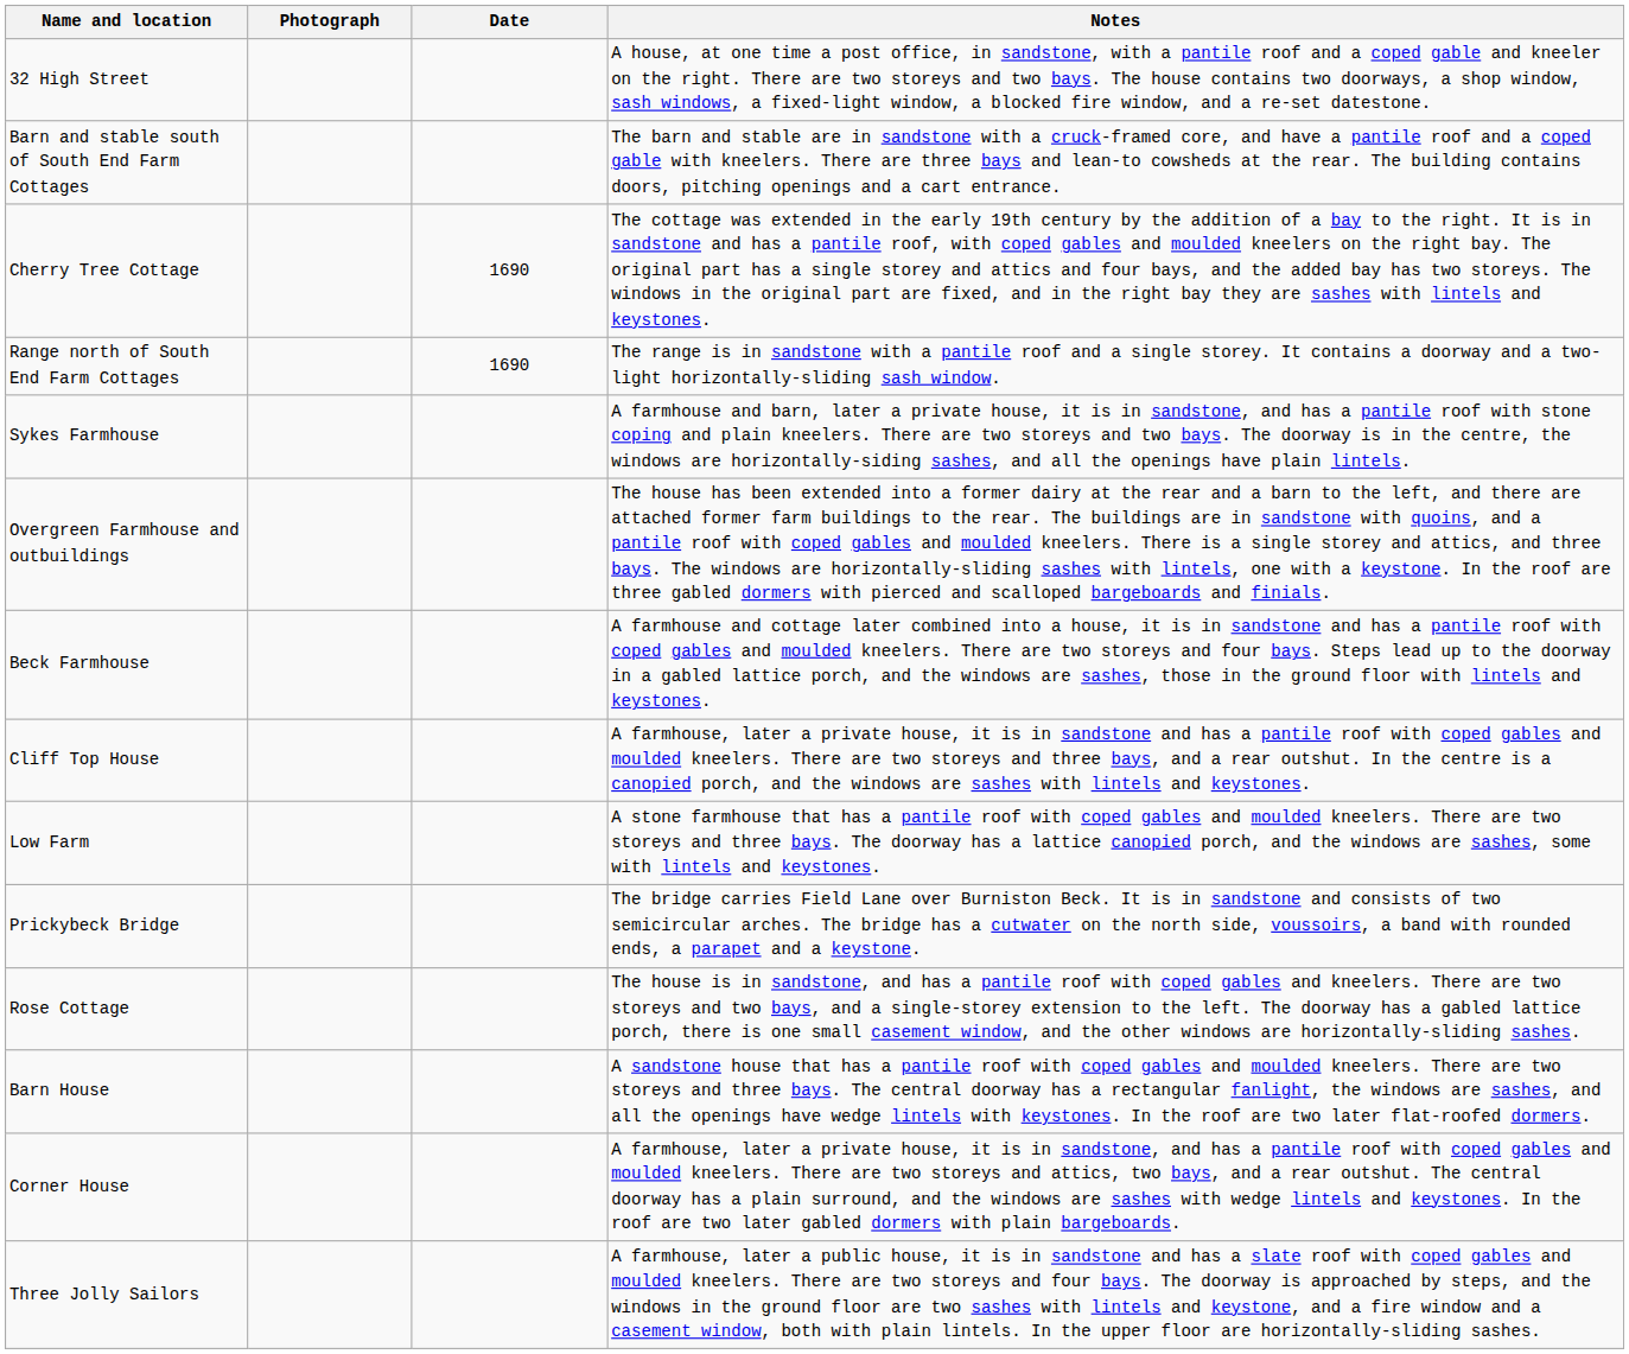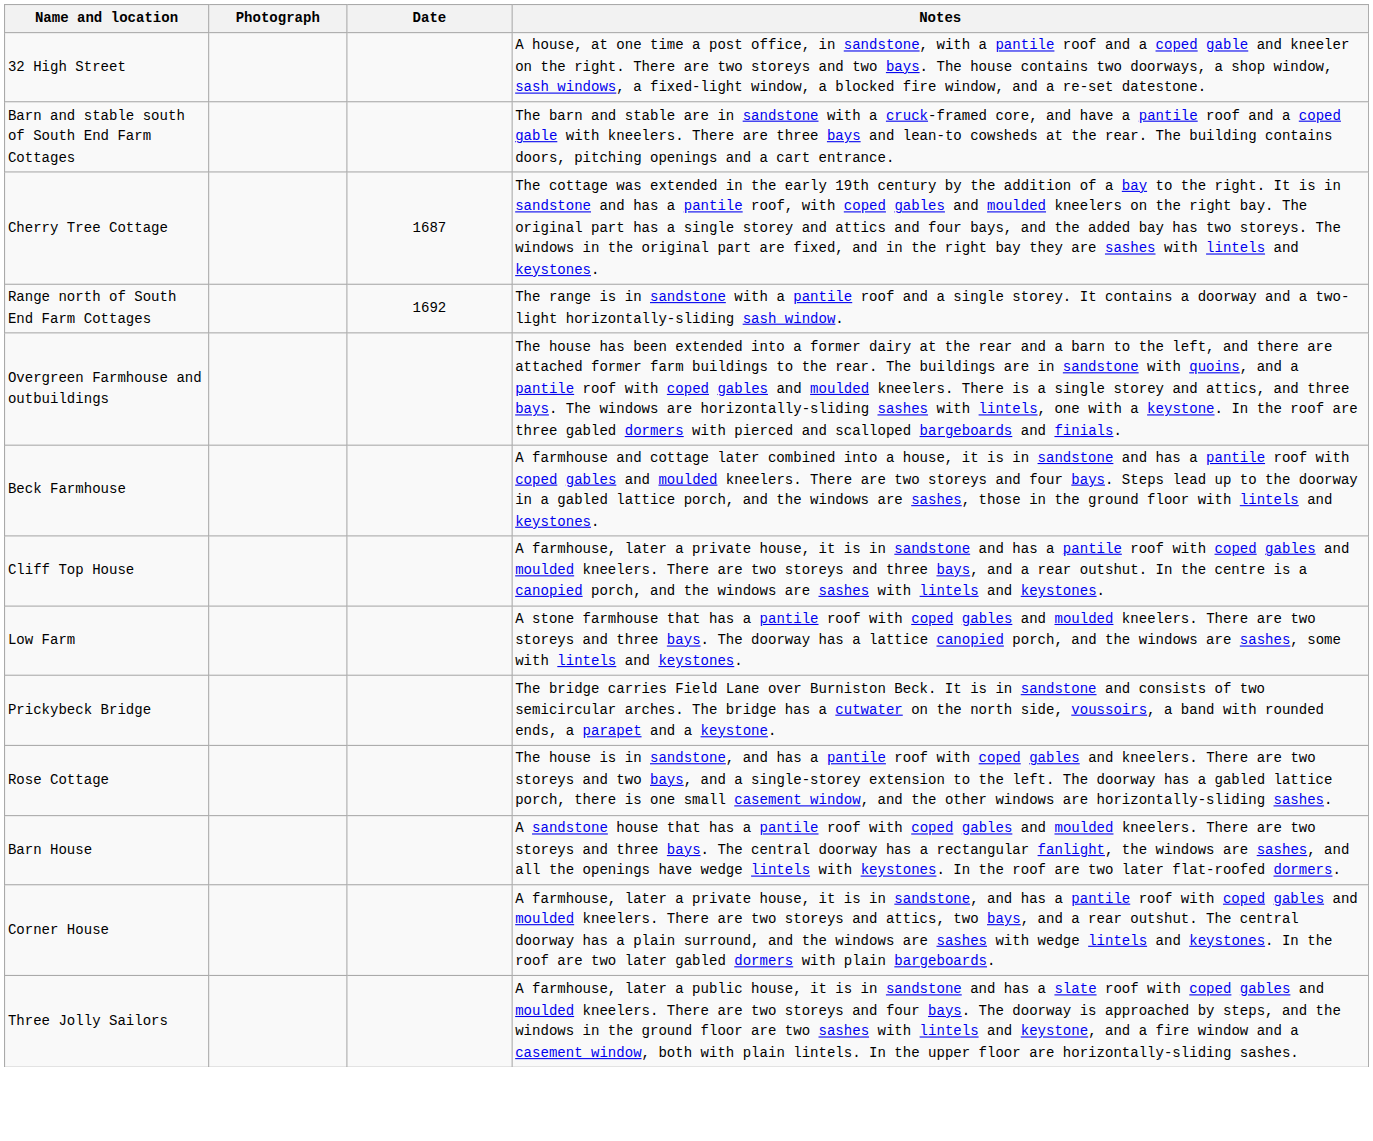 <table class="wikitable sortable plainrowheaders" style="width:100%;border:0px;text-align:left;line-height:150%;">
 <tr>
 <th scope="col"  style="width:150px">Name and location</th>
 <th scope="col"  style="width:100px" class="unsortable">Photograph</th>
 <th scope="col"  style="width:120px">Date</th>
 <th scope="col"  style="width:650px" class="unsortable">Notes</th>
 </tr>
 <tr>
 <td>32 High Street<br><small></small></td>
 <td></td>
 <td align="center"></td>
 <td>A house, at one time a post office, in <a href='#'>sandstone</a>, with a <a href='#'>pantile</a> roof and a <a href='#'>coped</a> <a href='#'>gable</a> and kneeler on the right.  There are two storeys and two <a href='#'>bays</a>.  The house contains two doorways, a shop window, <a href='#'>sash windows</a>, a fixed-light window, a blocked fire window, and a re-set datestone.</td>
 </tr>
 <tr>
 <td>Barn and stable south of South End Farm Cottages<br><small></small></td>
 <td></td>
 <td align="center"></td>
 <td>The barn and stable are in <a href='#'>sandstone</a> with a <a href='#'>cruck</a>-framed core, and have a <a href='#'>pantile</a> roof and a <a href='#'>coped</a> <a href='#'>gable</a> with kneelers.  There are three <a href='#'>bays</a> and lean-to cowsheds at the rear.  The building contains doors, pitching openings and a cart entrance.</td>
 </tr>
 <tr>
 <td>Cherry Tree Cottage<br><small></small></td>
 <td></td>
-<td align="center">1690</td>
+<td align="center">1687</td>
 <td>The cottage was extended in the early 19th century by the addition of a <a href='#'>bay</a> to the right.  It is in <a href='#'>sandstone</a> and has a <a href='#'>pantile</a> roof, with <a href='#'>coped</a> <a href='#'>gables</a> and <a href='#'>moulded</a> kneelers on the right bay.  The original part has a single storey and attics and four bays, and the added bay has two storeys.  The windows in the original part are fixed, and in the right bay they are <a href='#'>sashes</a> with <a href='#'>lintels</a> and <a href='#'>keystones</a>.</td>
 </tr>
 <tr>
 <td>Range north of South End Farm Cottages<br><small></small></td>
 <td></td>
-<td align="center">1690</td>
+<td align="center">1692</td>
 <td>The range is in <a href='#'>sandstone</a> with a <a href='#'>pantile</a> roof and a single storey.  It contains a doorway and a two-light horizontally-sliding <a href='#'>sash window</a>.</td>
-</tr>
-<tr>
-<td>Sykes Farmhouse<br><small></small></td>
-<td></td>
-<td align="center"></td>
-<td>A farmhouse and barn, later a private house, it is in <a href='#'>sandstone</a>, and has a <a href='#'>pantile</a> roof with stone <a href='#'>coping</a> and plain kneelers.  There are two storeys and two <a href='#'>bays</a>.  The doorway is in the centre, the windows are horizontally-siding <a href='#'>sashes</a>, and all the openings have plain <a href='#'>lintels</a>.</td>
 </tr>
 <tr>
 <td>Overgreen Farmhouse and outbuildings<br><small></small></td>
 <td></td>
 <td align="center"></td>
 <td>The house has been extended into a former dairy at the rear and a barn to the left, and there are attached former farm buildings to the rear.  The buildings are in <a href='#'>sandstone</a> with <a href='#'>quoins</a>, and a <a href='#'>pantile</a> roof with <a href='#'>coped</a> <a href='#'>gables</a> and <a href='#'>moulded</a> kneelers.  There is a single storey and attics, and three <a href='#'>bays</a>.  The windows are horizontally-sliding <a href='#'>sashes</a> with <a href='#'>lintels</a>, one with a <a href='#'>keystone</a>.  In the roof are three gabled <a href='#'>dormers</a> with pierced and scalloped <a href='#'>bargeboards</a> and <a href='#'>finials</a>.</td>
 </tr>
 <tr>
 <td>Beck Farmhouse<br><small></small></td>
 <td></td>
 <td align="center"></td>
 <td>A farmhouse and cottage later combined into a house, it is in <a href='#'>sandstone</a> and has a <a href='#'>pantile</a> roof with <a href='#'>coped</a> <a href='#'>gables</a> and <a href='#'>moulded</a> kneelers.  There are two storeys and four <a href='#'>bays</a>.  Steps lead up to the doorway in a gabled lattice porch, and the windows are <a href='#'>sashes</a>, those in the ground floor with <a href='#'>lintels</a> and <a href='#'>keystones</a>.</td>
 </tr>
 <tr>
 <td>Cliff Top House<br><small></small></td>
 <td></td>
 <td align="center"></td>
 <td>A farmhouse, later a private house, it is in <a href='#'>sandstone</a> and has a <a href='#'>pantile</a> roof with <a href='#'>coped</a> <a href='#'>gables</a> and <a href='#'>moulded</a> kneelers.  There are two storeys and three <a href='#'>bays</a>, and a rear outshut.  In the centre is a <a href='#'>canopied</a> porch, and the windows are <a href='#'>sashes</a> with <a href='#'>lintels</a> and <a href='#'>keystones</a>.</td>
 </tr>
 <tr>
 <td>Low Farm<br><small></small></td>
 <td></td>
 <td align="center"></td>
 <td>A stone farmhouse that has a <a href='#'>pantile</a> roof with <a href='#'>coped</a> <a href='#'>gables</a> and <a href='#'>moulded</a> kneelers.  There are two storeys and three <a href='#'>bays</a>.  The doorway has a lattice <a href='#'>canopied</a> porch, and the windows are <a href='#'>sashes</a>, some with <a href='#'>lintels</a> and <a href='#'>keystones</a>.</td>
 </tr>
 <tr>
 <td>Prickybeck Bridge<br><small></small></td>
 <td></td>
 <td align="center"></td>
 <td>The bridge carries Field Lane over Burniston Beck.  It is in <a href='#'>sandstone</a> and consists of two semicircular arches.  The bridge has a <a href='#'>cutwater</a> on the north side, <a href='#'>voussoirs</a>, a band with rounded ends, a <a href='#'>parapet</a> and a <a href='#'>keystone</a>.</td>
 </tr>
 <tr>
 <td>Rose Cottage<br><small></small></td>
 <td></td>
 <td align="center"></td>
 <td>The house is in <a href='#'>sandstone</a>, and has a <a href='#'>pantile</a> roof with <a href='#'>coped</a> <a href='#'>gables</a> and kneelers.  There are two storeys and two <a href='#'>bays</a>, and a single-storey extension to the left.  The doorway has a gabled lattice porch, there is one small <a href='#'>casement window</a>, and the other windows are horizontally-sliding <a href='#'>sashes</a>.</td>
 </tr>
 <tr>
 <td>Barn House<br><small></small></td>
 <td></td>
 <td align="center"></td>
 <td>A <a href='#'>sandstone</a> house that has a <a href='#'>pantile</a> roof with <a href='#'>coped</a> <a href='#'>gables</a> and <a href='#'>moulded</a> kneelers.  There are two storeys and three <a href='#'>bays</a>.  The central doorway has a rectangular <a href='#'>fanlight</a>, the windows are <a href='#'>sashes</a>, and all the openings have wedge <a href='#'>lintels</a> with <a href='#'>keystones</a>.  In the roof are two later flat-roofed <a href='#'>dormers</a>.</td>
 </tr>
 <tr>
 <td>Corner House<br><small></small></td>
 <td></td>
 <td align="center"></td>
 <td>A farmhouse, later a private house, it is in <a href='#'>sandstone</a>, and has a <a href='#'>pantile</a> roof with <a href='#'>coped</a> <a href='#'>gables</a> and <a href='#'>moulded</a> kneelers.  There are two storeys and attics, two <a href='#'>bays</a>, and a rear outshut.  The central doorway has a plain surround, and the windows are <a href='#'>sashes</a> with wedge <a href='#'>lintels</a> and <a href='#'>keystones</a>.  In the roof are two later gabled <a href='#'>dormers</a> with plain <a href='#'>bargeboards</a>.</td>
 </tr>
 <tr>
 <td>Three Jolly Sailors<br><small></small></td>
 <td></td>
 <td align="center"></td>
 <td>A farmhouse, later a public house, it is in <a href='#'>sandstone</a> and has a <a href='#'>slate</a> roof with <a href='#'>coped</a> <a href='#'>gables</a> and <a href='#'>moulded</a> kneelers.  There are two storeys and four <a href='#'>bays</a>.  The doorway is approached by steps, and the windows in the ground floor are two <a href='#'>sashes</a> with <a href='#'>lintels</a> and <a href='#'>keystone</a>, and a fire window and a <a href='#'>casement window</a>, both with plain lintels.  In the upper floor are horizontally-sliding sashes.</td>
 </tr>
 <tr>
 </tr>
 </table>
